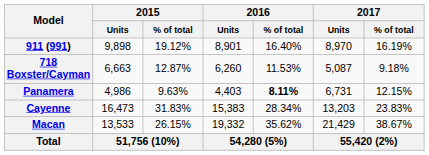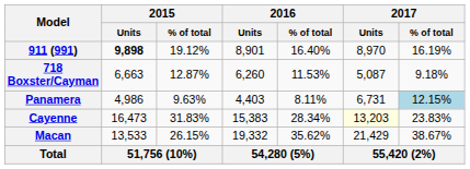 <table class="wikitable" style="text-align:center; text-size:94%;">
 <tr>
 <th rowspan="2" style="width:120px;">Model</th>
 <th colspan="2" style="width:160px;">2015</th>
 <th colspan="2" style="width:160px;">2016</th>
 <th colspan="2" style="width:160px;">2017</th>
 </tr>
 <tr>
 <th><small>Units</small></th>
 <th><small>% of total</small></th>
 <th><small>Units</small></th>
 <th><small>% of total</small></th>
 <th><small>Units</small></th>
 <th><small>% of total</small></th>
 </tr>
 <tr>
 <th><a href='#'>911</a> (<a href='#'>991</a>)</th>
-<td>9,898</td>
+<td><strong>9,898</strong></td>
 <td>19.12%</td>
 <td>8,901</td>
 <td>16.40%</td>
 <td>8,970</td>
 <td>16.19%</td>
 </tr>
 <tr>
 <th><a href='#'>718 Boxster/Cayman</a></th>
 <td>6,663</td>
 <td>12.87%</td>
 <td>6,260</td>
 <td>11.53%</td>
 <td>5,087</td>
 <td>9.18%</td>
 </tr>
 <tr>
 <th><a href='#'>Panamera</a></th>
 <td>4,986</td>
 <td>9.63%</td>
 <td>4,403</td>
-<td><strong>8.11%</strong></td>
+<td>8.11%</td>
 <td>6,731</td>
-<td>12.15%</td>
+<td style="background: lightblue;">12.15%</td>
 </tr>
 <tr>
 <th><a href='#'>Cayenne</a></th>
 <td>16,473</td>
 <td>31.83%</td>
 <td>15,383</td>
 <td>28.34%</td>
-<td>13,203</td>
+<td style="background: lightyellow;">13,203</td>
 <td>23.83%</td>
 </tr>
 <tr>
 <th><a href='#'>Macan</a></th>
 <td>13,533</td>
 <td>26.15%</td>
 <td>19,332</td>
 <td>35.62%</td>
 <td>21,429</td>
 <td>38.67%</td>
 </tr>
 <tr style="background:WhiteSmoke;">
 <th>Total</th>
 <th colspan=2>51,756 (10%)</th>
 <th colspan=2>54,280 (5%)</th>
 <th colspan=2>55,420 (2%)</th>
 </tr>
 </table>
